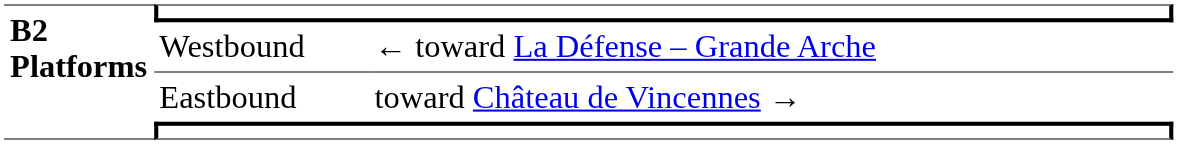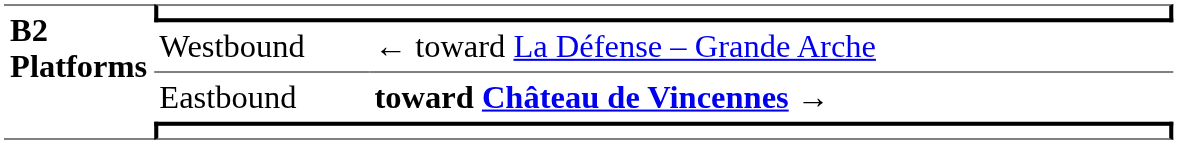 <table border=0 cellspacing=0 cellpadding=3>
 <tr>
 <td style="border-bottom:solid 1px gray;border-top:solid 1px gray;" width=50 rowspan=5 valign=top><strong>B2<br>Platforms</strong></td>
 <td style="border-top:solid 1px gray;border-right:solid 2px black;border-left:solid 2px black;border-bottom:solid 2px black;text-align:center;" colspan=2></td>
 </tr>
 <tr>
 <td style="border-bottom:solid 1px gray;" width=100>Westbound</td>
 <td style="border-bottom:solid 1px gray;" width=390>←   toward <a href='#'>La Défense – Grande Arche</a> </td>
 </tr>
 <tr>
 <td>Eastbound</td>
-<td>   toward <a href='#'>Château de Vincennes</a> →</td>
+<td><strong>   toward <a href='#'>Château de Vincennes</a> →</strong></td>
 </tr>
 <tr>
 <td style="border-top:solid 2px black;border-right:solid 2px black;border-left:solid 2px black;border-bottom:solid 1px gray;text-align:center;" colspan=2></td>
 </tr>
 </table>
